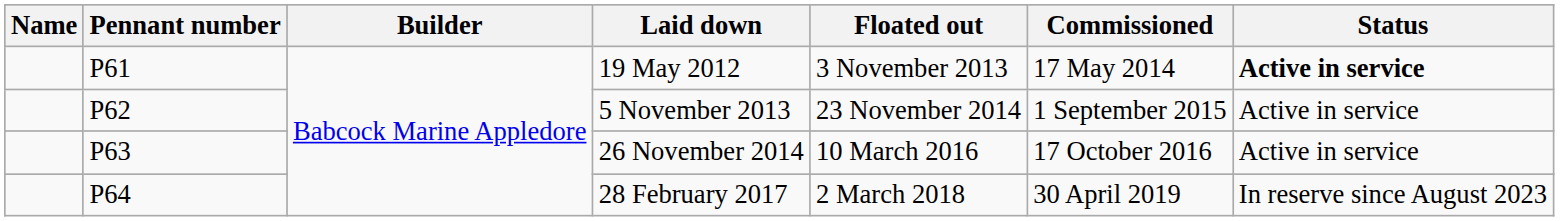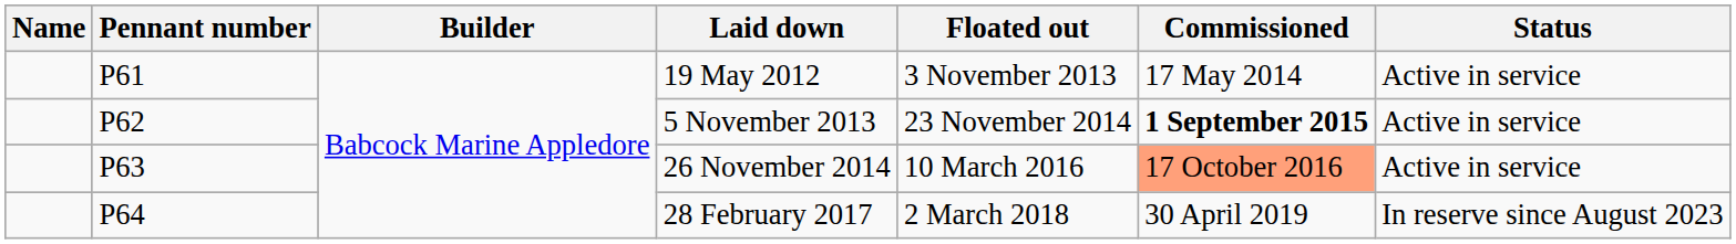 <table class="wikitable">
 <tr style="background:#efefef;">
 <th>Name</th>
 <th>Pennant number</th>
 <th>Builder</th>
 <th>Laid down</th>
 <th>Floated out</th>
 <th>Commissioned</th>
 <th>Status</th>
 </tr>
 <tr>
 <td></td>
 <td>P61</td>
 <td rowspan=4><a href='#'>Babcock Marine Appledore</a></td>
 <td>19 May 2012</td>
 <td>3 November 2013</td>
 <td>17 May 2014</td>
-<td><strong>Active in service</strong></td>
+<td>Active in service</td>
 </tr>
 <tr>
 <td></td>
 <td>P62</td>
 <td>5 November 2013</td>
 <td>23 November 2014</td>
-<td>1 September 2015</td>
+<td><strong>1 September 2015</strong></td>
 <td>Active in service</td>
 </tr>
 <tr>
 <td></td>
 <td>P63</td>
 <td>26 November 2014</td>
 <td>10 March 2016</td>
-<td>17 October 2016</td>
+<td style="background: lightsalmon;">17 October 2016</td>
 <td>Active in service</td>
 </tr>
 <tr>
 <td></td>
 <td>P64</td>
 <td>28 February 2017</td>
 <td>2 March 2018</td>
 <td>30 April 2019</td>
 <td>In reserve since August 2023</td>
 </tr>
 </table>
